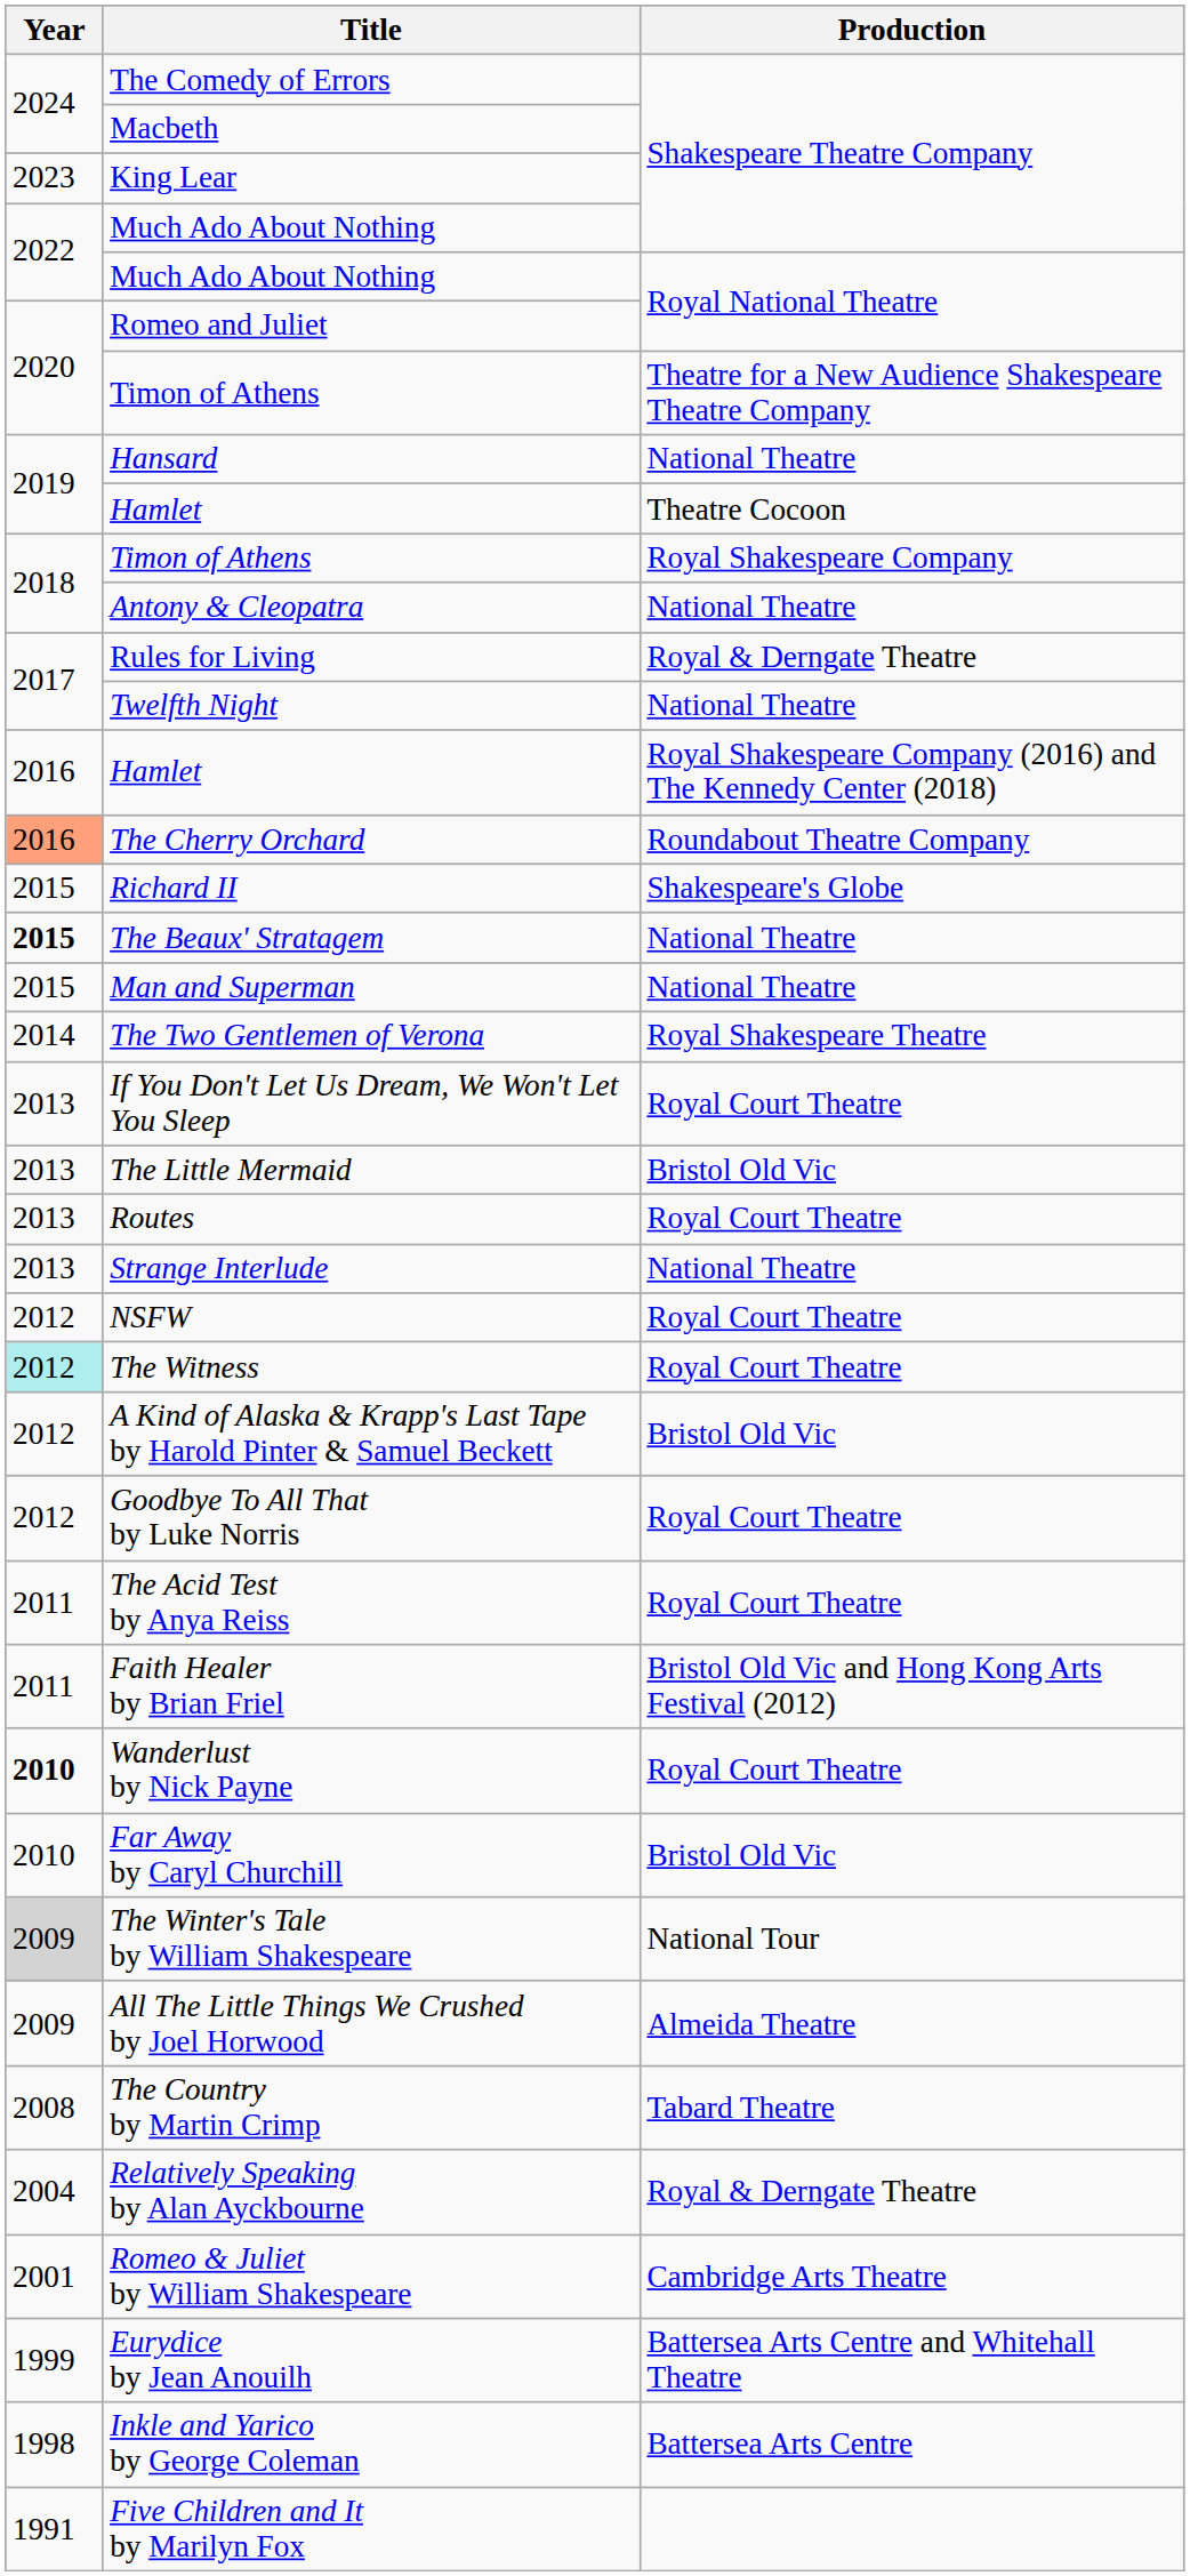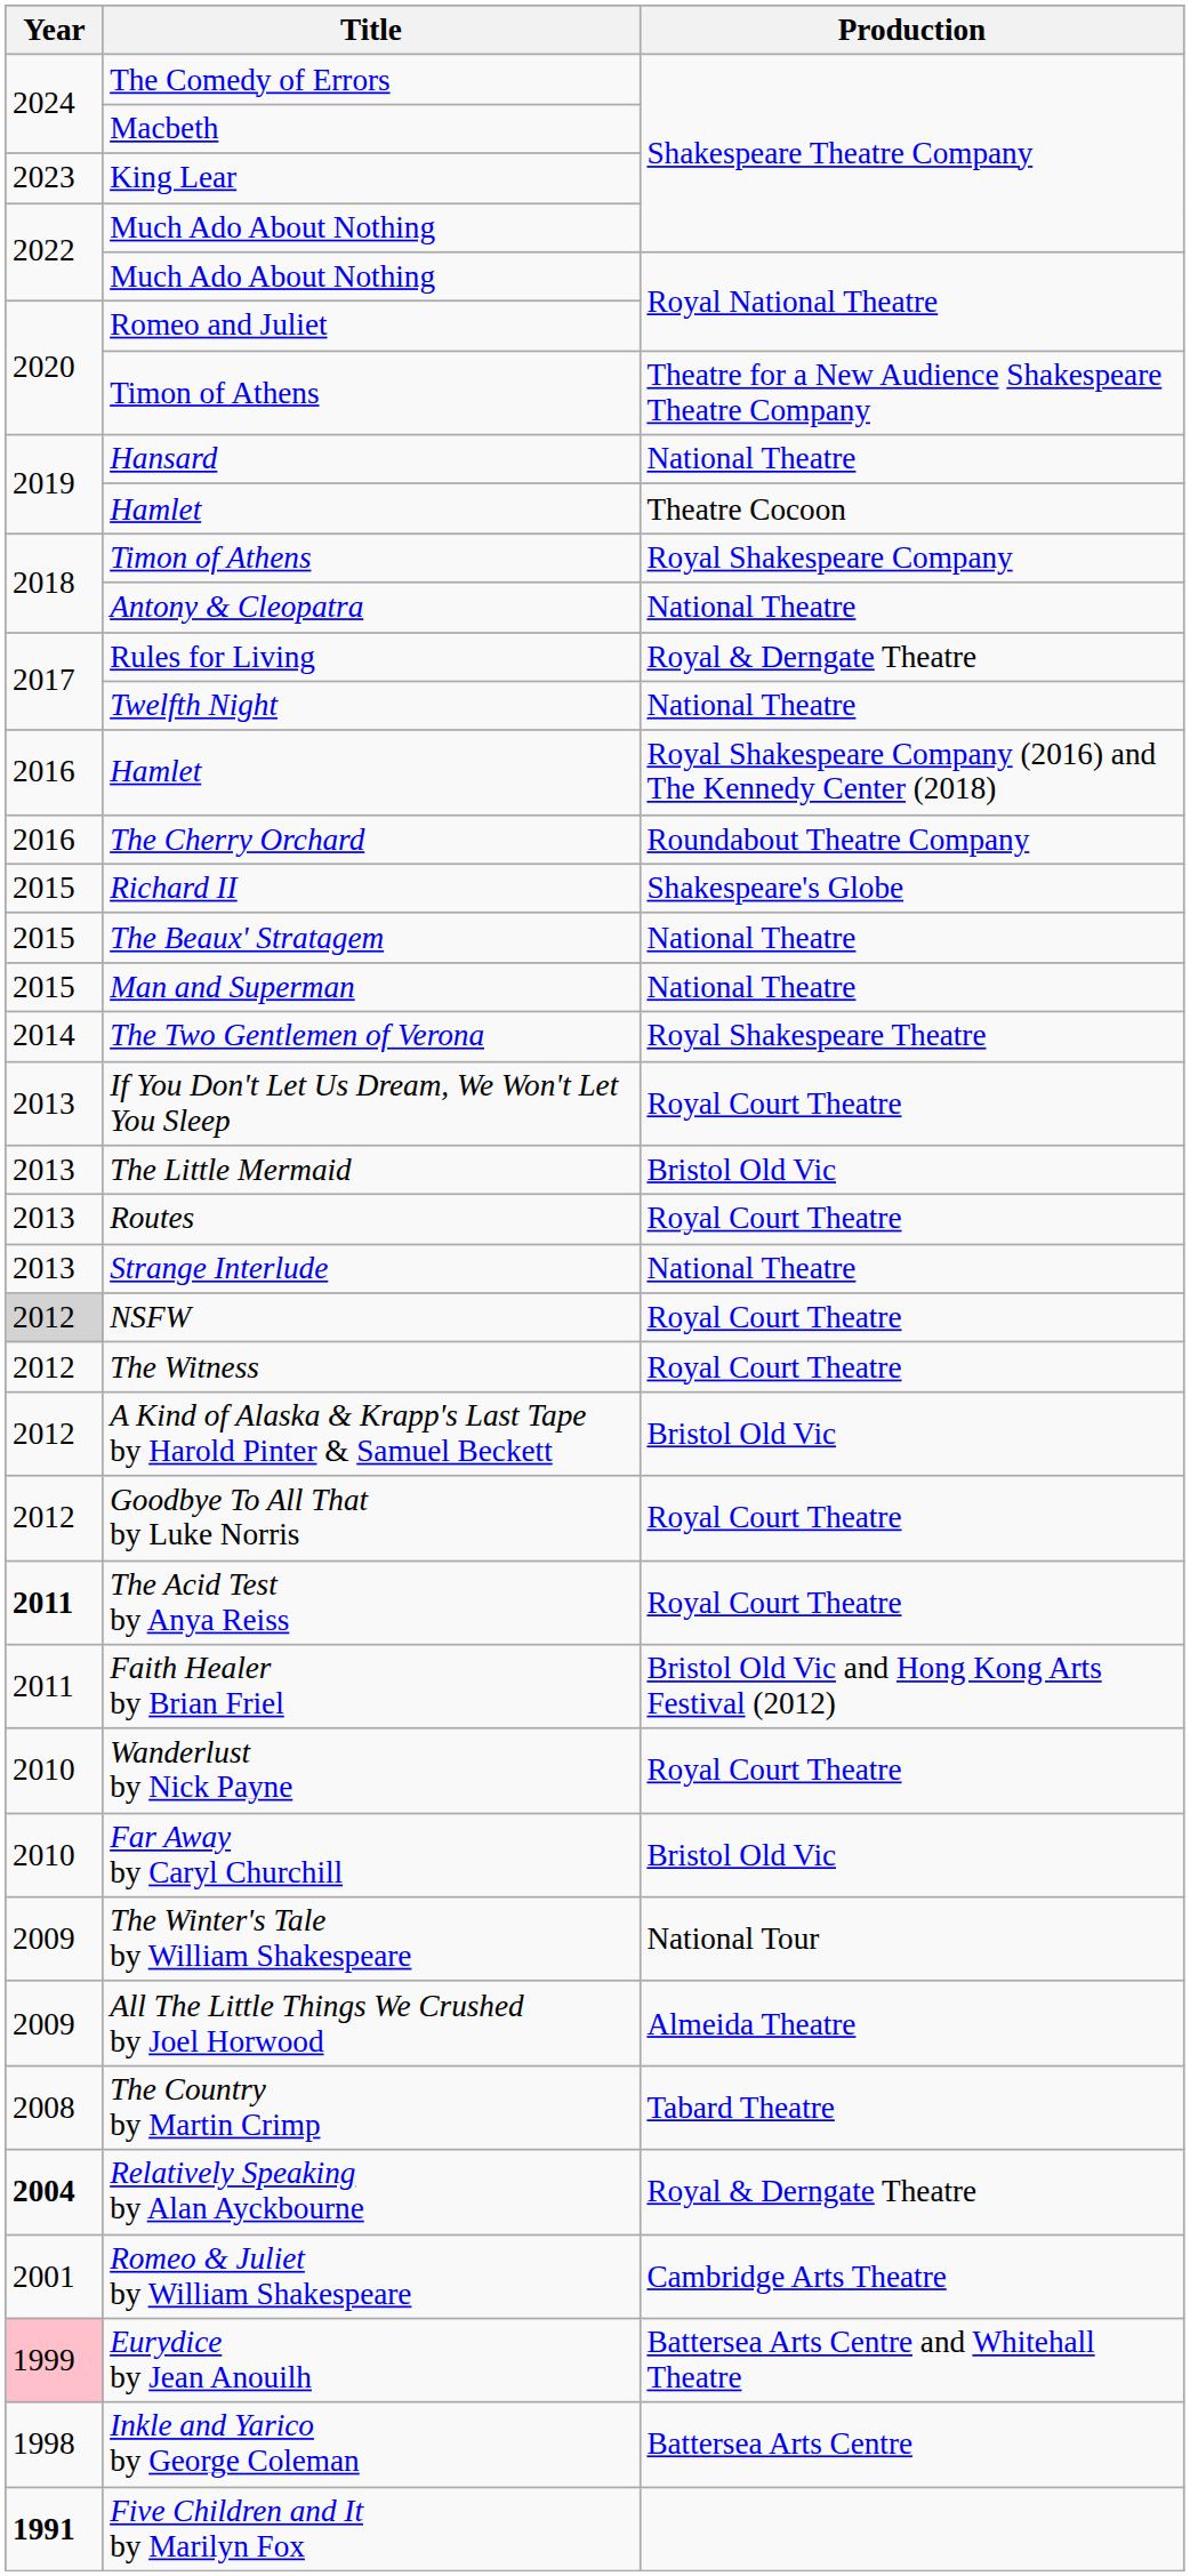 <table class="wikitable">
 <tr>
 <th scope="col" width="50">Year</th>
 <th scope="col" width="400">Title</th>
 <th scope="col" width="400">Production</th>
 </tr>
 <tr>
 <td rowspan="2">2024</td>
 <td><a href='#'>The Comedy of Errors</a></td>
 <td rowspan=4><a href='#'>Shakespeare Theatre Company</a></td>
 </tr>
 <tr>
 <td><a href='#'>Macbeth</a></td>
 </tr>
 <tr>
 <td>2023</td>
 <td><a href='#'>King Lear</a></td>
 </tr>
 <tr>
 <td rowspan=2>2022</td>
 <td><a href='#'>Much Ado About Nothing</a></td>
 </tr>
 <tr>
 <td><a href='#'>Much Ado About Nothing</a></td>
 <td rowspan=2><a href='#'>Royal National Theatre</a></td>
 </tr>
 <tr>
 <td rowspan=2>2020</td>
 <td><a href='#'>Romeo and Juliet</a></td>
 </tr>
 <tr>
 <td><a href='#'>Timon of Athens</a></td>
 <td><a href='#'>Theatre for a New Audience</a> <a href='#'>Shakespeare Theatre Company</a></td>
 </tr>
 <tr>
 <td rowspan=2>2019</td>
 <td><em><a href='#'>Hansard</a></em></td>
 <td><a href='#'>National Theatre</a></td>
 </tr>
 <tr>
 <td><em><a href='#'>Hamlet</a></em></td>
 <td>Theatre Cocoon</td>
 </tr>
 <tr>
 <td rowspan=2>2018</td>
 <td><em><a href='#'>Timon of Athens</a></em></td>
 <td><a href='#'>Royal Shakespeare Company</a></td>
 </tr>
 <tr>
 <td><a href='#'><em>Antony & Cleopatra</em></a></td>
 <td><a href='#'>National Theatre</a></td>
 </tr>
 <tr>
 <td rowspan=2>2017</td>
 <td><em><a href='#'></em>Rules for Living<em></a></em></td>
 <td><a href='#'>Royal & Derngate</a> Theatre</td>
 </tr>
 <tr>
 <td><em><a href='#'>Twelfth Night</a></em></td>
 <td><a href='#'>National Theatre</a></td>
 </tr>
 <tr>
 <td>2016</td>
 <td><em><a href='#'>Hamlet</a></em></td>
 <td><a href='#'>Royal Shakespeare Company</a> (2016) and <a href='#'>The Kennedy Center</a> (2018)</td>
 </tr>
 <tr>
-<td style="background: lightsalmon;">2016</td>
+<td>2016</td>
 <td><em><a href='#'>The Cherry Orchard</a></em></td>
 <td><a href='#'>Roundabout Theatre Company</a></td>
 </tr>
 <tr>
 <td>2015</td>
 <td><em><a href='#'>Richard II</a></em></td>
 <td><a href='#'>Shakespeare's Globe</a></td>
 </tr>
 <tr>
-<td><strong>2015</strong></td>
+<td>2015</td>
 <td><em><a href='#'>The Beaux' Stratagem</a></em></td>
 <td><a href='#'>National Theatre</a></td>
 </tr>
 <tr>
 <td>2015</td>
 <td><em><a href='#'>Man and Superman</a></em></td>
 <td><a href='#'>National Theatre</a></td>
 </tr>
 <tr>
 <td>2014</td>
 <td><em><a href='#'>The Two Gentlemen of Verona</a></em></td>
 <td><a href='#'>Royal Shakespeare Theatre</a></td>
 </tr>
 <tr>
 <td>2013</td>
 <td><em>If You Don't Let Us Dream, We Won't Let You Sleep</em></td>
 <td><a href='#'>Royal Court Theatre</a></td>
 </tr>
 <tr>
 <td>2013</td>
 <td><em>The Little Mermaid</em></td>
 <td><a href='#'>Bristol Old Vic</a></td>
 </tr>
 <tr>
 <td>2013</td>
 <td><em>Routes</em></td>
 <td><a href='#'>Royal Court Theatre</a></td>
 </tr>
 <tr>
 <td>2013</td>
 <td><em><a href='#'>Strange Interlude</a></em></td>
 <td><a href='#'>National Theatre</a></td>
 </tr>
 <tr>
-<td>2012</td>
+<td style="background: lightgrey;">2012</td>
 <td><em>NSFW</em></td>
 <td><a href='#'>Royal Court Theatre</a></td>
 </tr>
 <tr>
-<td style="background: paleturquoise;">2012</td>
+<td>2012</td>
 <td><em>The Witness</em></td>
 <td><a href='#'>Royal Court Theatre</a></td>
 </tr>
 <tr>
 <td>2012</td>
 <td><em>A Kind of Alaska & Krapp's Last Tape</em> <br>by <a href='#'>Harold Pinter</a> & <a href='#'>Samuel Beckett</a></td>
 <td><a href='#'>Bristol Old Vic</a></td>
 </tr>
 <tr>
 <td>2012</td>
 <td><em>Goodbye To All That</em> <br>by Luke Norris</td>
 <td><a href='#'>Royal Court Theatre</a></td>
 </tr>
 <tr>
-<td>2011</td>
+<td><strong>2011</strong></td>
 <td><em>The Acid Test</em> <br>by <a href='#'>Anya Reiss</a></td>
 <td><a href='#'>Royal Court Theatre</a></td>
 </tr>
 <tr>
 <td>2011</td>
 <td><em>Faith Healer</em> <br>by <a href='#'>Brian Friel</a></td>
 <td><a href='#'>Bristol Old Vic</a> and <a href='#'>Hong Kong Arts Festival</a> (2012)</td>
 </tr>
 <tr>
-<td><strong>2010</strong></td>
+<td>2010</td>
 <td><em>Wanderlust</em> <br>by <a href='#'>Nick Payne</a></td>
 <td><a href='#'>Royal Court Theatre</a></td>
 </tr>
 <tr>
 <td>2010</td>
 <td><em><a href='#'>Far Away</a></em> <br>by <a href='#'>Caryl Churchill</a></td>
 <td><a href='#'>Bristol Old Vic</a></td>
 </tr>
 <tr>
-<td style="background: lightgrey;">2009</td>
+<td>2009</td>
 <td><em>The Winter's Tale</em> <br>by <a href='#'>William Shakespeare</a></td>
 <td>National Tour</td>
 </tr>
 <tr>
 <td>2009</td>
 <td><em>All The Little Things We Crushed</em> <br>by <a href='#'>Joel Horwood</a></td>
 <td><a href='#'>Almeida Theatre</a></td>
 </tr>
 <tr>
 <td>2008</td>
 <td><em>The Country</em> <br>by <a href='#'>Martin Crimp</a></td>
 <td><a href='#'>Tabard Theatre</a></td>
 </tr>
 <tr>
-<td>2004</td>
+<td><strong>2004</strong></td>
 <td><em><a href='#'>Relatively Speaking</a></em><br>by <a href='#'>Alan Ayckbourne</a></td>
 <td><a href='#'>Royal & Derngate</a> Theatre</td>
 </tr>
 <tr>
 <td>2001</td>
 <td><em><a href='#'>Romeo & Juliet</a></em><br>by <a href='#'>William Shakespeare</a></td>
 <td><a href='#'>Cambridge Arts Theatre</a></td>
 </tr>
 <tr>
-<td>1999</td>
+<td style="background: pink;">1999</td>
 <td><em><a href='#'>Eurydice</a></em><br>by <a href='#'>Jean Anouilh</a></td>
 <td><a href='#'>Battersea Arts Centre</a> and <a href='#'>Whitehall Theatre</a></td>
 </tr>
 <tr>
 <td>1998</td>
 <td><em><a href='#'>Inkle and Yarico</a></em><br>by <a href='#'>George Coleman</a></td>
 <td><a href='#'>Battersea Arts Centre</a></td>
 </tr>
 <tr>
-<td>1991</td>
+<td><strong>1991</strong></td>
 <td><em><a href='#'>Five Children and It</a></em><br>by <a href='#'>Marilyn Fox</a></td>
 <td></td>
 </tr>
 </table>
